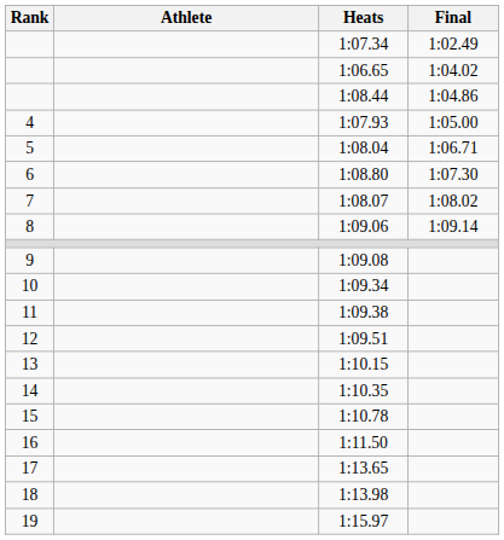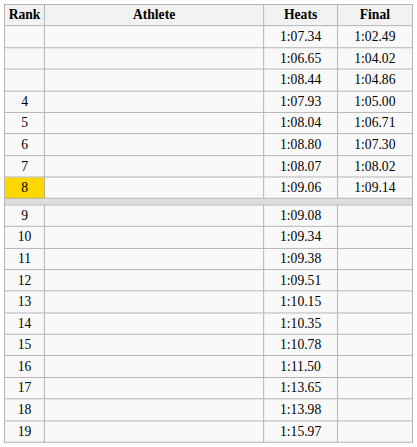 <table class=wikitable style="text-align:center">
 <tr>
 <th width=40>Rank</th>
 <th width=250>Athlete</th>
 <th width=80>Heats</th>
 <th width=80>Final</th>
 </tr>
 <tr>
 <td></td>
 <td align=left></td>
 <td>1:07.34</td>
 <td>1:02.49</td>
 </tr>
 <tr>
 <td></td>
 <td align=left></td>
 <td>1:06.65</td>
 <td>1:04.02</td>
 </tr>
 <tr>
 <td></td>
 <td align=left></td>
 <td>1:08.44</td>
 <td>1:04.86</td>
 </tr>
 <tr>
 <td>4</td>
 <td align=left></td>
 <td>1:07.93</td>
 <td>1:05.00</td>
 </tr>
 <tr>
 <td>5</td>
 <td align=left></td>
 <td>1:08.04</td>
 <td>1:06.71</td>
 </tr>
 <tr>
 <td>6</td>
 <td align=left></td>
 <td>1:08.80</td>
 <td>1:07.30</td>
 </tr>
 <tr>
 <td>7</td>
 <td align=left></td>
 <td>1:08.07</td>
 <td>1:08.02</td>
 </tr>
 <tr>
-<td>8</td>
+<td style="background: gold;">8</td>
 <td align=left></td>
 <td>1:09.06</td>
 <td>1:09.14</td>
 </tr>
 <tr bgcolor=#DDDDDD>
 <td colspan=4></td>
 </tr>
 <tr>
 <td>9</td>
 <td align=left></td>
 <td>1:09.08</td>
 <td></td>
 </tr>
 <tr>
 <td>10</td>
 <td align=left></td>
 <td>1:09.34</td>
 <td></td>
 </tr>
 <tr>
 <td>11</td>
 <td align=left></td>
 <td>1:09.38</td>
 <td></td>
 </tr>
 <tr>
 <td>12</td>
 <td align=left></td>
 <td>1:09.51</td>
 <td></td>
 </tr>
 <tr>
 <td>13</td>
 <td align=left></td>
 <td>1:10.15</td>
 <td></td>
 </tr>
 <tr>
 <td>14</td>
 <td align=left></td>
 <td>1:10.35</td>
 <td></td>
 </tr>
 <tr>
 <td>15</td>
 <td align=left></td>
 <td>1:10.78</td>
 <td></td>
 </tr>
 <tr>
 <td>16</td>
 <td align=left></td>
 <td>1:11.50</td>
 <td></td>
 </tr>
 <tr>
 <td>17</td>
 <td align=left></td>
 <td>1:13.65</td>
 <td></td>
 </tr>
 <tr>
 <td>18</td>
 <td align=left></td>
 <td>1:13.98</td>
 <td></td>
 </tr>
 <tr>
 <td>19</td>
 <td align=left></td>
 <td>1:15.97</td>
 <td></td>
 </tr>
 </table>
